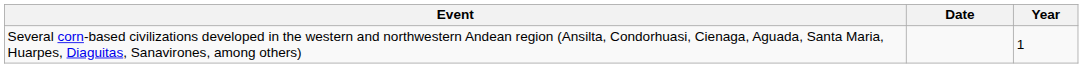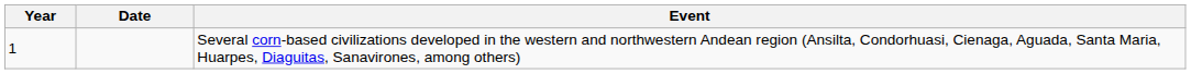 <table class="wikitable" width="100%">
 <tr>
+<th style="width:6%">Year</th>
+<th style="width:10%">Date</th>
 <th>Event</th>
-<th style="width:10%">Date</th>
-<th style="width:6%">Year</th>
 </tr>
 <tr>
+<td>1</td>
+<td></td>
 <td>Several <a href='#'>corn</a>-based civilizations developed in the western and northwestern Andean region (Ansilta, Condorhuasi, Cienaga, Aguada, Santa Maria, Huarpes, <a href='#'>Diaguitas</a>, Sanavirones, among others)</td>
-<td></td>
-<td>1</td>
 </tr>
 </table>
